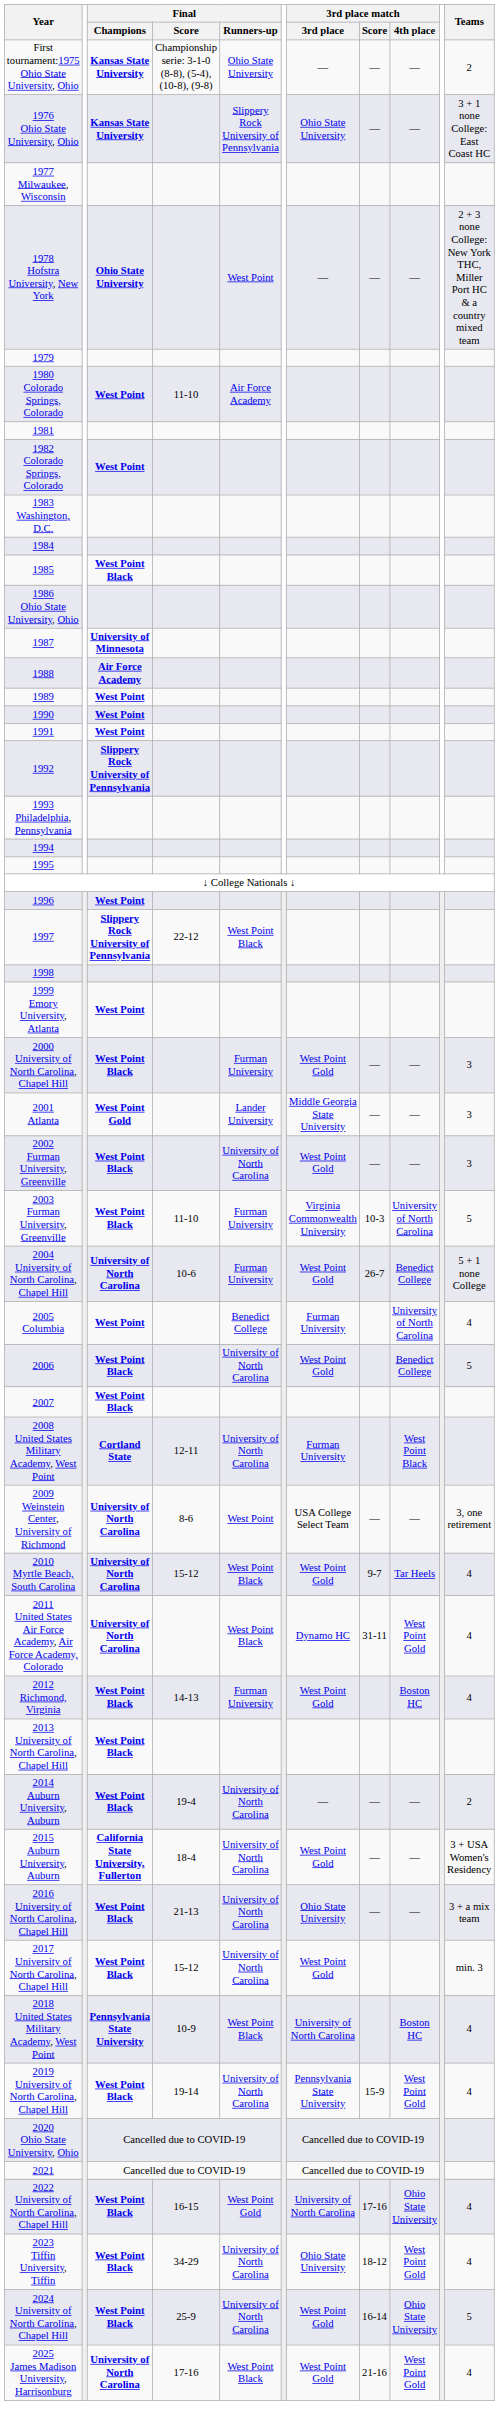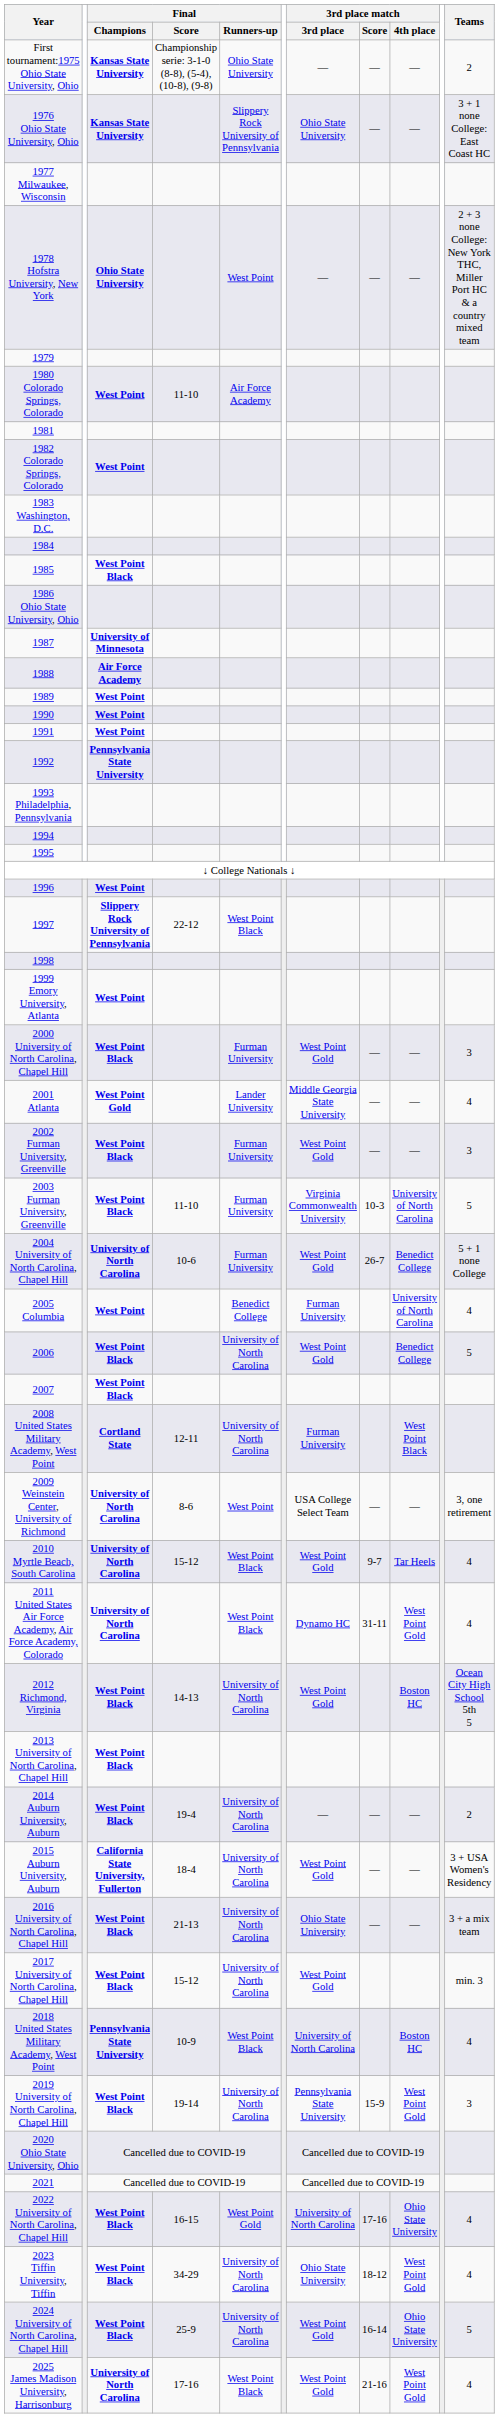 <table class="wikitable" style="font-size:90%; width: 100%; text-align: center;">
 <tr bgcolor=#c1d8ff>
 <th rowspan=2 width=6%>Year</th>
 <td width=1% rowspan=23 bgcolor=ffffff></td>
 <th colspan=3>Final</th>
 <td width=1% rowspan=23 bgcolor=ffffff></td>
 <th colspan=3>3rd place match</th>
 <td width=1% rowspan=23 bgcolor=#ffffff></td>
 <th rowspan=2 width=5%>Teams</th>
 </tr>
 <tr bgcolor=#efefef>
 <th width=14%>Champions</th>
 <th width=9%>Score</th>
 <th width=14%>Runners-up</th>
 <th width=14%>3rd place</th>
 <th width=9%>Score</th>
 <th width=14%>4th place</th>
 </tr>
 <tr>
 <td>First tournament:<a href='#'>1975</a><br><a href='#'>Ohio State University</a>, <a href='#'>Ohio</a></td>
 <td><strong><a href='#'>Kansas State University</a></strong></td>
 <td>Championship serie: 3-1-0<br>(8-8), (5-4), (10-8), (9-8)</td>
 <td><a href='#'>Ohio State University</a></td>
 <td>—</td>
 <td>—</td>
 <td>—</td>
 <td>2</td>
 </tr>
 <tr bgcolor=#E8E8F0>
 <td><a href='#'>1976</a><br><a href='#'>Ohio State University</a>, <a href='#'>Ohio</a></td>
 <td><strong><a href='#'>Kansas State University</a></strong></td>
 <td></td>
 <td><a href='#'>Slippery Rock University of Pennsylvania</a></td>
 <td><a href='#'>Ohio State University</a></td>
 <td>—</td>
 <td>—</td>
 <td>3 + 1 none College: East Coast HC</td>
 </tr>
 <tr>
 <td><a href='#'>1977</a><br><a href='#'>Milwaukee</a>, <a href='#'>Wisconsin</a></td>
 <td></td>
 <td></td>
 <td></td>
 <td></td>
 <td></td>
 <td></td>
 <td></td>
 </tr>
 <tr bgcolor=#E8E8F0>
 <td><a href='#'>1978</a><br><a href='#'>Hofstra University</a>, <a href='#'>New York</a></td>
 <td><strong><a href='#'>Ohio State University</a></strong></td>
 <td></td>
 <td><a href='#'>West Point</a></td>
 <td>—</td>
 <td>—</td>
 <td>—</td>
 <td>2 + 3 none College:<br>New York THC, Miller Port HC & a country mixed team</td>
 </tr>
 <tr>
 <td><a href='#'>1979</a></td>
 <td></td>
 <td></td>
 <td></td>
 <td></td>
 <td></td>
 <td></td>
 <td></td>
 </tr>
 <tr bgcolor=#E8E8F0>
 <td><a href='#'>1980</a><br><a href='#'>Colorado Springs, Colorado</a></td>
 <td><strong><a href='#'>West Point</a></strong></td>
 <td>11-10</td>
 <td><a href='#'>Air Force Academy</a></td>
 <td></td>
 <td></td>
 <td></td>
 <td></td>
 </tr>
 <tr>
 <td><a href='#'>1981</a></td>
 <td></td>
 <td></td>
 <td></td>
 <td></td>
 <td></td>
 <td></td>
 <td></td>
 </tr>
 <tr bgcolor=#E8E8F0>
 <td><a href='#'>1982</a><br><a href='#'>Colorado Springs, Colorado</a></td>
 <td><strong><a href='#'>West Point</a></strong></td>
 <td></td>
 <td></td>
 <td></td>
 <td></td>
 <td></td>
 <td></td>
 </tr>
 <tr>
 <td><a href='#'>1983</a><br><a href='#'>Washington, D.C.</a></td>
 <td></td>
 <td></td>
 <td></td>
 <td></td>
 <td></td>
 <td></td>
 <td></td>
 </tr>
 <tr bgcolor=#E8E8F0>
 <td><a href='#'>1984</a></td>
 <td></td>
 <td></td>
 <td></td>
 <td></td>
 <td></td>
 <td></td>
 <td></td>
 </tr>
 <tr>
 <td><a href='#'>1985</a></td>
 <td><strong><a href='#'>West Point Black</a></strong></td>
 <td></td>
 <td></td>
 <td></td>
 <td></td>
 <td></td>
 <td></td>
 </tr>
 <tr bgcolor=#E8E8F0>
 <td><a href='#'>1986</a><br><a href='#'>Ohio State University</a>, <a href='#'>Ohio</a></td>
 <td></td>
 <td></td>
 <td></td>
 <td></td>
 <td></td>
 <td></td>
 <td></td>
 </tr>
 <tr>
 <td><a href='#'>1987</a></td>
 <td><strong><a href='#'>University of Minnesota</a></strong></td>
 <td></td>
 <td></td>
 <td></td>
 <td></td>
 <td></td>
 <td></td>
 </tr>
 <tr bgcolor=#E8E8F0>
 <td><a href='#'>1988</a></td>
 <td><strong><a href='#'>Air Force Academy</a></strong></td>
 <td></td>
 <td></td>
 <td></td>
 <td></td>
 <td></td>
 <td></td>
 </tr>
 <tr>
 <td><a href='#'>1989</a></td>
 <td><strong><a href='#'>West Point</a></strong></td>
 <td></td>
 <td></td>
 <td></td>
 <td></td>
 <td></td>
 <td></td>
 </tr>
 <tr bgcolor=#E8E8F0>
 <td><a href='#'>1990</a></td>
 <td><strong><a href='#'>West Point</a></strong></td>
 <td></td>
 <td></td>
 <td></td>
 <td></td>
 <td></td>
 <td></td>
 </tr>
 <tr>
 <td><a href='#'>1991</a></td>
 <td><strong><a href='#'>West Point</a></strong></td>
 <td></td>
 <td></td>
 <td></td>
 <td></td>
 <td></td>
 <td></td>
 </tr>
 <tr bgcolor=#E8E8F0>
 <td><a href='#'>1992</a></td>
-<td><strong><a href='#'>Slippery Rock University of Pennsylvania</a></strong><br></td>
+<td><strong><a href='#'>Pennsylvania State University</a></strong></td>
 <td></td>
 <td></td>
 <td></td>
 <td></td>
 <td></td>
 <td></td>
 </tr>
 <tr>
 <td><a href='#'>1993</a><br><a href='#'>Philadelphia</a>, <a href='#'>Pennsylvania</a></td>
 <td></td>
 <td></td>
 <td></td>
 <td></td>
 <td></td>
 <td></td>
 <td></td>
 </tr>
 <tr bgcolor=#E8E8F0>
 <td><a href='#'>1994</a></td>
 <td></td>
 <td></td>
 <td></td>
 <td></td>
 <td></td>
 <td></td>
 <td></td>
 </tr>
 <tr>
 <td><a href='#'>1995</a></td>
 <td></td>
 <td></td>
 <td></td>
 <td></td>
 <td></td>
 <td></td>
 <td></td>
 </tr>
 <tr bgcolor=#ffffff>
 <td colspan="11">↓ College Nationals ↓</td>
 </tr>
 <tr bgcolor=#E8E8F0>
 <td><a href='#'>1996</a></td>
 <td rowspan=30 bgcolor="#efefef"></td>
 <td><strong><a href='#'>West Point</a></strong></td>
 <td></td>
 <td></td>
 <td rowspan=30 bgcolor="#efefef"></td>
 <td></td>
 <td></td>
 <td></td>
 <td rowspan=30 bgcolor="#efefef"></td>
 <td></td>
 </tr>
 <tr>
 <td><a href='#'>1997</a></td>
 <td><strong><a href='#'>Slippery Rock University of Pennsylvania</a></strong></td>
 <td>22-12</td>
 <td><a href='#'>West Point Black</a></td>
 <td></td>
 <td></td>
 <td></td>
 <td></td>
 </tr>
 <tr bgcolor=#E8E8F0>
 <td><a href='#'>1998</a></td>
 <td></td>
 <td></td>
 <td></td>
 <td></td>
 <td></td>
 <td></td>
 <td></td>
 </tr>
 <tr>
 <td><a href='#'>1999</a><br><a href='#'>Emory University</a>, <a href='#'>Atlanta</a></td>
 <td><strong><a href='#'>West Point</a></strong></td>
 <td></td>
 <td></td>
 <td></td>
 <td></td>
 <td></td>
 <td></td>
 </tr>
 <tr bgcolor=#E8E8F0>
 <td><a href='#'>2000</a><br><a href='#'>University of North Carolina</a>, <a href='#'>Chapel Hill</a></td>
 <td><strong><a href='#'>West Point Black</a></strong></td>
 <td></td>
 <td><a href='#'>Furman University</a></td>
 <td><a href='#'>West Point Gold</a></td>
 <td>—</td>
 <td>—</td>
 <td>3</td>
 </tr>
 <tr>
 <td><a href='#'>2001</a><br><a href='#'>Atlanta</a></td>
 <td><strong><a href='#'>West Point Gold</a></strong></td>
 <td></td>
 <td><a href='#'>Lander University</a></td>
 <td><a href='#'>Middle Georgia State University</a></td>
 <td>—</td>
 <td>—</td>
-<td>3</td>
+<td>4</td>
 </tr>
 <tr bgcolor=#E8E8F0>
 <td><a href='#'>2002</a><br><a href='#'>Furman University</a>, <a href='#'>Greenville</a></td>
 <td><strong><a href='#'>West Point Black</a></strong></td>
 <td></td>
-<td><a href='#'>University of North Carolina</a></td>
+<td><a href='#'>Furman University</a></td>
 <td><a href='#'>West Point Gold</a></td>
 <td>—</td>
 <td>—</td>
 <td>3</td>
 </tr>
 <tr>
 <td><a href='#'>2003</a><br><a href='#'>Furman University</a>, <a href='#'>Greenville</a></td>
 <td><strong><a href='#'>West Point Black</a></strong></td>
 <td>11-10</td>
 <td><a href='#'>Furman University</a></td>
 <td><a href='#'>Virginia Commonwealth University</a></td>
 <td>10-3</td>
 <td><a href='#'>University of North Carolina</a></td>
 <td>5</td>
 </tr>
 <tr bgcolor=#E8E8F0>
 <td><a href='#'>2004</a><br><a href='#'>University of North Carolina</a>, <a href='#'>Chapel Hill</a></td>
 <td><strong><a href='#'>University of North Carolina</a></strong></td>
 <td>10-6</td>
 <td><a href='#'>Furman University</a></td>
 <td><a href='#'>West Point Gold</a></td>
 <td>26-7</td>
 <td><a href='#'>Benedict College</a></td>
 <td>5 + 1 none College</td>
 </tr>
 <tr>
 <td><a href='#'>2005</a><br><a href='#'>Columbia</a></td>
 <td><strong><a href='#'>West Point</a></strong></td>
 <td></td>
 <td><a href='#'>Benedict College</a></td>
 <td><a href='#'>Furman University</a></td>
 <td></td>
 <td><a href='#'>University of North Carolina</a></td>
 <td>4</td>
 </tr>
 <tr bgcolor=#E8E8F0>
 <td><a href='#'>2006</a></td>
 <td><strong><a href='#'>West Point Black</a></strong></td>
 <td></td>
 <td><a href='#'>University of North Carolina</a></td>
 <td><a href='#'>West Point Gold</a></td>
 <td></td>
 <td><a href='#'>Benedict College</a></td>
 <td>5</td>
 </tr>
 <tr>
 <td><a href='#'>2007</a></td>
 <td><strong><a href='#'>West Point Black</a></strong></td>
 <td></td>
 <td></td>
 <td></td>
 <td></td>
 <td></td>
 <td></td>
 </tr>
 <tr bgcolor=#E8E8F0>
 <td><a href='#'>2008</a><br><a href='#'>United States Military Academy</a>, <a href='#'>West Point</a></td>
 <td><strong><a href='#'>Cortland State</a></strong></td>
 <td>12-11</td>
 <td><a href='#'>University of North Carolina</a></td>
 <td><a href='#'>Furman University</a></td>
 <td></td>
 <td><a href='#'>West Point Black</a></td>
 <td></td>
 </tr>
 <tr>
 <td><a href='#'>2009</a><br><a href='#'>Weinstein Center</a>, <a href='#'>University of Richmond</a></td>
 <td><strong><a href='#'>University of North Carolina</a></strong></td>
 <td>8-6</td>
 <td><a href='#'>West Point</a></td>
 <td>USA College Select Team</td>
 <td>—</td>
 <td>—</td>
 <td>3, one retirement</td>
 </tr>
 <tr bgcolor=#E8E8F0>
 <td><a href='#'>2010</a><br><a href='#'>Myrtle Beach, South Carolina</a></td>
 <td><strong><a href='#'>University of North Carolina</a></strong></td>
 <td>15-12</td>
 <td><a href='#'>West Point Black</a></td>
 <td><a href='#'>West Point Gold</a></td>
 <td>9-7</td>
 <td><a href='#'>Tar Heels</a></td>
 <td>4</td>
 </tr>
 <tr>
 <td><a href='#'>2011</a><br><a href='#'>United States Air Force Academy</a>, <a href='#'>Air Force Academy, Colorado</a></td>
 <td><strong><a href='#'>University of North Carolina</a></strong></td>
 <td></td>
 <td><a href='#'>West Point Black</a></td>
 <td><a href='#'>Dynamo HC</a></td>
 <td>31-11</td>
 <td><a href='#'>West Point Gold</a></td>
 <td>4</td>
 </tr>
 <tr bgcolor=#E8E8F0>
 <td><a href='#'>2012</a><br><a href='#'>Richmond, Virginia</a></td>
 <td><strong><a href='#'>West Point Black</a></strong></td>
 <td>14-13</td>
-<td><a href='#'>Furman University</a></td>
+<td><a href='#'>University of North Carolina</a></td>
 <td><a href='#'>West Point Gold</a></td>
 <td></td>
 <td><a href='#'>Boston HC</a></td>
-<td>4</td>
+<td><a href='#'>Ocean City High School</a> 5th<br>5</td>
 </tr>
 <tr>
 <td><a href='#'>2013</a><br><a href='#'>University of North Carolina</a>, <a href='#'>Chapel Hill</a></td>
 <td><strong><a href='#'>West Point Black</a></strong></td>
 <td></td>
 <td></td>
 <td></td>
 <td></td>
 <td></td>
 <td></td>
 </tr>
 <tr bgcolor=#E8E8F0>
 <td><a href='#'>2014</a><br><a href='#'>Auburn University</a>, <a href='#'>Auburn</a></td>
 <td><strong><a href='#'>West Point Black</a></strong></td>
 <td>19-4</td>
 <td><a href='#'>University of North Carolina</a></td>
 <td>—</td>
 <td>—</td>
 <td>—</td>
 <td>2</td>
 </tr>
 <tr>
 <td><a href='#'>2015</a><br><a href='#'>Auburn University</a>, <a href='#'>Auburn</a></td>
 <td><strong><a href='#'>California State University, Fullerton</a></strong></td>
 <td>18-4</td>
 <td><a href='#'>University of North Carolina</a></td>
 <td><a href='#'>West Point Gold</a></td>
 <td>—</td>
 <td>—</td>
 <td>3 +  USA Women's Residency</td>
 </tr>
 <tr bgcolor=#E8E8F0>
 <td><a href='#'>2016</a><br><a href='#'>University of North Carolina</a>, <a href='#'>Chapel Hill</a></td>
 <td><strong><a href='#'>West Point Black</a></strong></td>
 <td>21-13</td>
 <td><a href='#'>University of North Carolina</a></td>
 <td><a href='#'>Ohio State University</a></td>
 <td>—</td>
 <td>—</td>
 <td>3 +  a mix team</td>
 </tr>
 <tr>
 <td><a href='#'>2017</a><br><a href='#'>University of North Carolina</a>, <a href='#'>Chapel Hill</a></td>
 <td><strong><a href='#'>West Point Black</a></strong></td>
 <td>15-12</td>
 <td><a href='#'>University of North Carolina</a></td>
 <td><a href='#'>West Point Gold</a></td>
 <td></td>
 <td></td>
 <td>min. 3</td>
 </tr>
 <tr bgcolor=#E8E8F0>
 <td><a href='#'>2018</a><br><a href='#'>United States Military Academy</a>, <a href='#'>West Point</a></td>
 <td><strong><a href='#'>Pennsylvania State University</a></strong></td>
 <td>10-9</td>
 <td><a href='#'>West Point Black</a></td>
 <td><a href='#'>University of North Carolina</a></td>
 <td></td>
 <td><a href='#'>Boston HC</a></td>
 <td>4</td>
 </tr>
 <tr>
 <td><a href='#'>2019</a><br><a href='#'>University of North Carolina</a>, <a href='#'>Chapel Hill</a></td>
 <td><strong><a href='#'>West Point Black</a></strong></td>
 <td>19-14</td>
 <td><a href='#'>University of North Carolina</a></td>
 <td><a href='#'>Pennsylvania State University</a></td>
 <td>15-9</td>
 <td><a href='#'>West Point Gold</a></td>
-<td>4</td>
+<td>3</td>
 </tr>
 <tr bgcolor=#E8E8F0>
 <td><a href='#'>2020</a><br><a href='#'>Ohio State University</a>, <a href='#'>Ohio</a></td>
 <td colspan="3">Cancelled due to COVID-19</td>
 <td colspan="3">Cancelled due to COVID-19</td>
 <td></td>
 </tr>
 <tr>
 <td><a href='#'>2021</a></td>
 <td colspan="3">Cancelled due to COVID-19</td>
 <td colspan="3">Cancelled due to COVID-19</td>
 <td></td>
 </tr>
 <tr bgcolor=#E8E8F0>
 <td><a href='#'>2022</a><br><a href='#'>University of North Carolina</a>, <a href='#'>Chapel Hill</a></td>
 <td><strong><a href='#'>West Point Black</a></strong></td>
 <td>16-15</td>
 <td><a href='#'>West Point Gold</a></td>
 <td><a href='#'>University of North Carolina</a></td>
 <td>17-16</td>
 <td><a href='#'>Ohio State University</a></td>
 <td>4</td>
 </tr>
 <tr>
 <td><a href='#'>2023</a><br><a href='#'>Tiffin University</a>, <a href='#'>Tiffin</a></td>
 <td><strong><a href='#'>West Point Black</a></strong></td>
 <td>34-29</td>
 <td><a href='#'>University of North Carolina</a></td>
 <td><a href='#'>Ohio State University</a></td>
 <td>18-12</td>
 <td><a href='#'>West Point Gold</a></td>
 <td>4</td>
 </tr>
 <tr bgcolor=#E8E8F0>
 <td><a href='#'>2024</a><br><a href='#'>University of North Carolina</a>, <a href='#'>Chapel Hill</a></td>
 <td><strong><a href='#'>West Point Black</a></strong></td>
 <td>25-9</td>
 <td><a href='#'>University of North Carolina</a></td>
 <td><a href='#'>West Point Gold</a></td>
 <td>16-14</td>
 <td><a href='#'>Ohio State University</a></td>
 <td>5</td>
 </tr>
 <tr>
 <td><a href='#'>2025</a><br><a href='#'>James Madison University</a>, <a href='#'>Harrisonburg</a></td>
 <td><strong><a href='#'>University of North Carolina</a></strong></td>
 <td>17-16</td>
 <td><a href='#'>West Point Black</a></td>
 <td><a href='#'>West Point Gold</a></td>
 <td>21-16</td>
 <td><a href='#'>West Point Gold</a></td>
 <td>4</td>
 </tr>
 </table>
